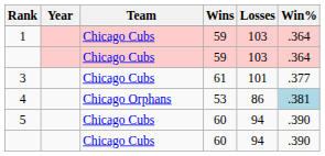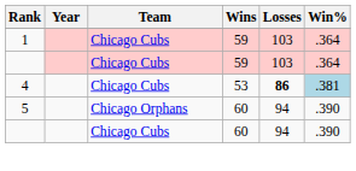 <table class="wikitable" style="font-size: 95%; text-align:left;">
 <tr>
 <th width="30">Rank</th>
 <th width="40">Year</th>
 <th width="140">Team</th>
 <th>Wins</th>
 <th>Losses</th>
 <th>Win%</th>
 </tr>
 <tr>
 </tr>
 <tr>
 <td align="center">1</td>
 <td bgcolor="#FFCCCC" align="center"></td>
 <td bgcolor="#FFCCCC"><a href='#'>Chicago Cubs</a></td>
 <td bgcolor="#FFCCCC" align="center">59</td>
 <td bgcolor="#FFCCCC" align="center">103</td>
 <td bgcolor="#FFCCCC" align="center">.364</td>
 </tr>
 <tr>
 <td></td>
 <td bgcolor="#FFCCCC" align="center"></td>
 <td bgcolor="#FFCCCC"><a href='#'>Chicago Cubs</a></td>
 <td bgcolor="#FFCCCC" align="center">59</td>
 <td bgcolor="#FFCCCC" align="center">103</td>
 <td bgcolor="#FFCCCC" align="center">.364</td>
 </tr>
 <tr>
-<td align="center">3</td>
+<td align="center">4</td>
 <td align="center"></td>
 <td><a href='#'>Chicago Cubs</a></td>
-<td align="center">61</td>
-<td align="center">101</td>
-<td align="center">.377</td>
-</tr>
-<tr>
-<td align="center">4</td>
-<td align="center"></td>
-<td><a href='#'>Chicago Orphans</a></td>
 <td align="center">53</td>
-<td align="center">86</td>
+<td align="center"><strong>86</strong></td>
 <td align="center" style="background: lightblue;">.381</td>
 </tr>
 <tr>
 <td align="center">5</td>
 <td align="center"></td>
-<td><a href='#'>Chicago Cubs</a></td>
+<td><a href='#'>Chicago Orphans</a></td>
 <td align="center">60</td>
 <td align="center">94</td>
 <td align="center">.390</td>
 </tr>
 <tr>
 <td></td>
 <td align="center"></td>
 <td><a href='#'>Chicago Cubs</a></td>
 <td align="center">60</td>
 <td align="center">94</td>
 <td align="center">.390</td>
 </tr>
 </table>
